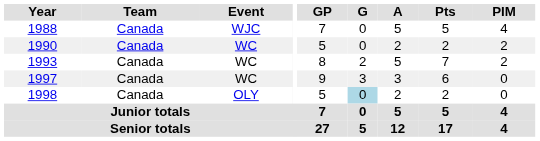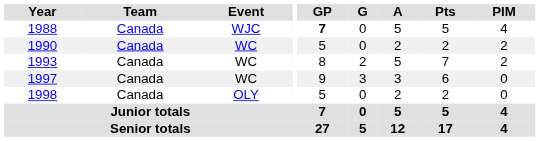 <table border="0" cellpadding="1" cellspacing="0" ID="Table3" style="text-align:center; width:40em">
 <tr bgcolor="#e0e0e0">
 <th>Year</th>
 <th>Team</th>
 <th>Event</th>
 <th rowspan="102" bgcolor="#ffffff"></th>
 <th>GP</th>
 <th>G</th>
 <th>A</th>
 <th>Pts</th>
 <th>PIM</th>
 </tr>
 <tr>
 <td><a href='#'>1988</a></td>
 <td><a href='#'>Canada</a></td>
 <td><a href='#'>WJC</a></td>
-<td>7</td>
+<td><strong>7</strong></td>
 <td>0</td>
 <td>5</td>
 <td>5</td>
 <td>4</td>
 </tr>
 <tr bgcolor="#f0f0f0">
 <td><a href='#'>1990</a></td>
 <td><a href='#'>Canada</a></td>
 <td><a href='#'>WC</a></td>
 <td>5</td>
 <td>0</td>
 <td>2</td>
 <td>2</td>
 <td>2</td>
 </tr>
 <tr>
 <td><a href='#'>1993</a></td>
 <td>Canada</td>
 <td>WC</td>
 <td>8</td>
 <td>2</td>
 <td>5</td>
 <td>7</td>
 <td>2</td>
 </tr>
 <tr bgcolor="#f0f0f0">
 <td><a href='#'>1997</a></td>
 <td>Canada</td>
 <td>WC</td>
 <td>9</td>
 <td>3</td>
 <td>3</td>
 <td>6</td>
 <td>0</td>
 </tr>
 <tr>
 <td><a href='#'>1998</a></td>
 <td>Canada</td>
 <td><a href='#'>OLY</a></td>
 <td>5</td>
-<td style="background: lightblue;">0</td>
+<td>0</td>
 <td>2</td>
 <td>2</td>
 <td>0</td>
 </tr>
 <tr bgcolor="#e0e0e0">
 <th colspan="4">Junior totals</th>
 <th>7</th>
 <th>0</th>
 <th>5</th>
 <th>5</th>
 <th>4</th>
 </tr>
 <tr bgcolor="#e0e0e0">
 <th colspan="4">Senior totals</th>
 <th>27</th>
 <th>5</th>
 <th>12</th>
 <th>17</th>
 <th>4</th>
 </tr>
 </table>
